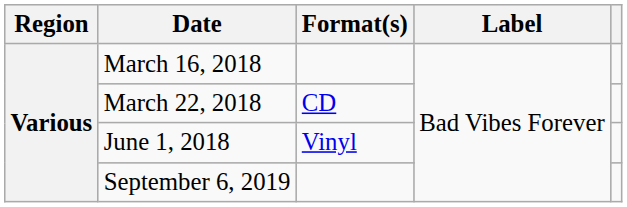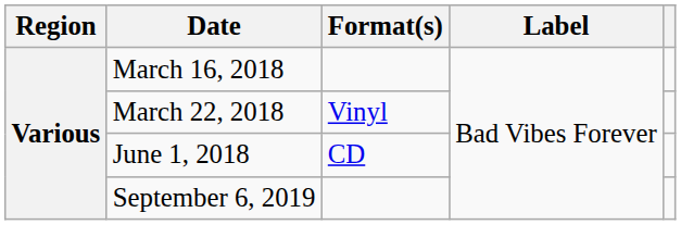 <table class="wikitable plainrowheaders">
 <tr>
 <th scope="col">Region</th>
 <th scope="col">Date</th>
 <th scope="col">Format(s)</th>
 <th scope="col">Label</th>
 <th scope="col"></th>
 </tr>
 <tr>
 <th rowspan="4" scope="row">Various</th>
 <td>March 16, 2018</td>
 <td></td>
 <td rowspan="4">Bad Vibes Forever</td>
 <td></td>
 </tr>
 <tr>
 <td>March 22, 2018</td>
-<td><a href='#'>CD</a></td>
+<td><a href='#'>Vinyl</a></td>
 <td></td>
 </tr>
 <tr>
 <td>June 1, 2018</td>
-<td><a href='#'>Vinyl</a></td>
+<td><a href='#'>CD</a></td>
 <td></td>
 </tr>
 <tr>
 <td>September 6, 2019</td>
 <td></td>
 <td></td>
 </tr>
 </table>
